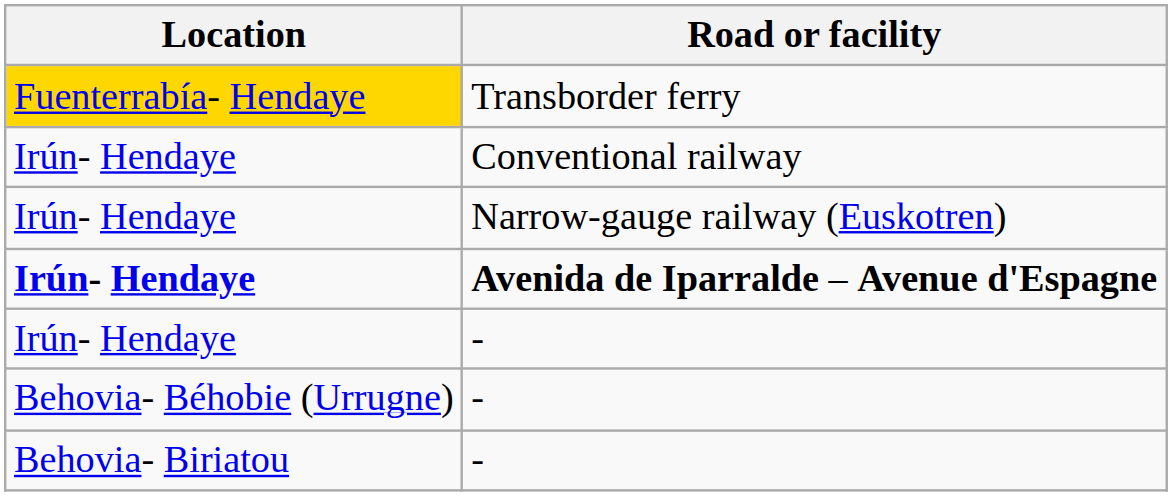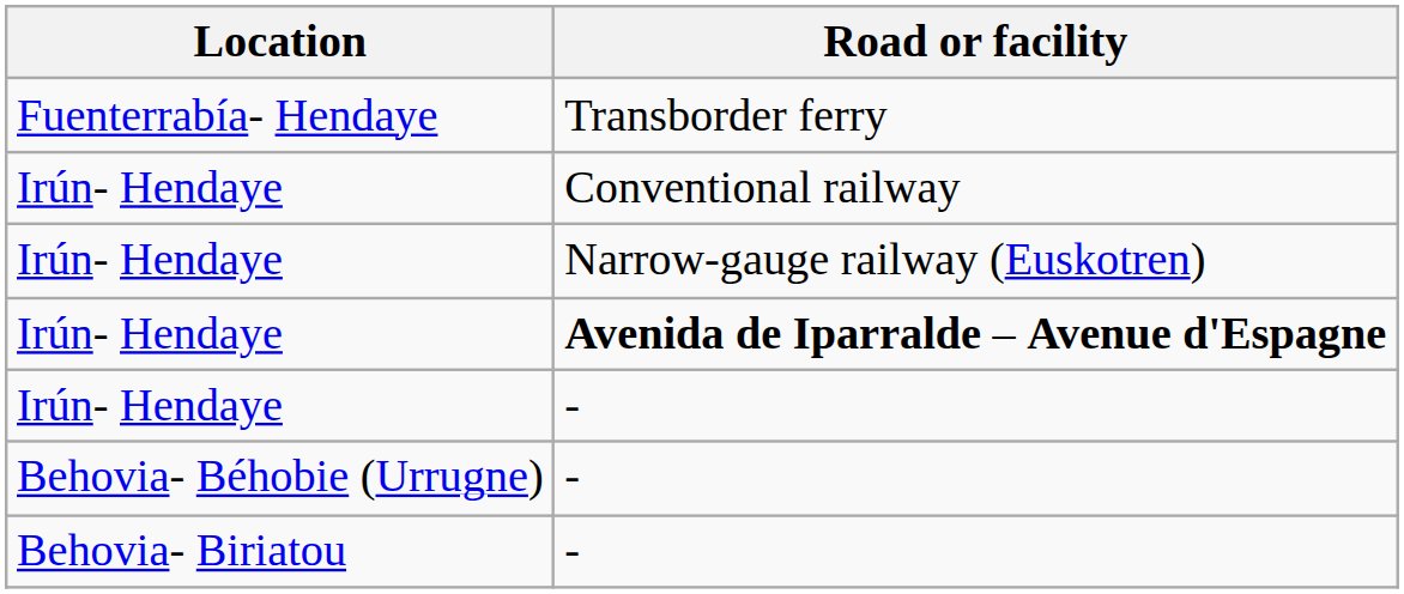 <table class="wikitable">
 <tr>
 <th>Location</th>
 <th>Road or facility</th>
 </tr>
 <tr>
-<td style="background: gold;"> <a href='#'>Fuenterrabía</a>- <a href='#'>Hendaye</a></td>
+<td> <a href='#'>Fuenterrabía</a>- <a href='#'>Hendaye</a></td>
 <td> Transborder ferry</td>
 </tr>
 <tr>
 <td> <a href='#'>Irún</a>- <a href='#'>Hendaye</a></td>
 <td> Conventional railway</td>
 </tr>
 <tr>
 <td> <a href='#'>Irún</a>- <a href='#'>Hendaye</a></td>
 <td> Narrow-gauge railway (<a href='#'>Euskotren</a>)</td>
 </tr>
 <tr>
-<td><strong> <a href='#'>Irún</a>- <a href='#'>Hendaye</a></strong></td>
+<td> <a href='#'>Irún</a>- <a href='#'>Hendaye</a></td>
 <td><strong>Avenida de Iparralde</strong> – <strong>Avenue d'Espagne</strong></td>
 </tr>
 <tr>
 <td> <a href='#'>Irún</a>- <a href='#'>Hendaye</a></td>
 <td> - </td>
 </tr>
 <tr>
 <td> <a href='#'>Behovia</a>- <a href='#'>Béhobie</a> (<a href='#'>Urrugne</a>)</td>
 <td> - </td>
 </tr>
 <tr>
 <td> <a href='#'>Behovia</a>- <a href='#'>Biriatou</a></td>
 <td> - </td>
 </tr>
 </table>
